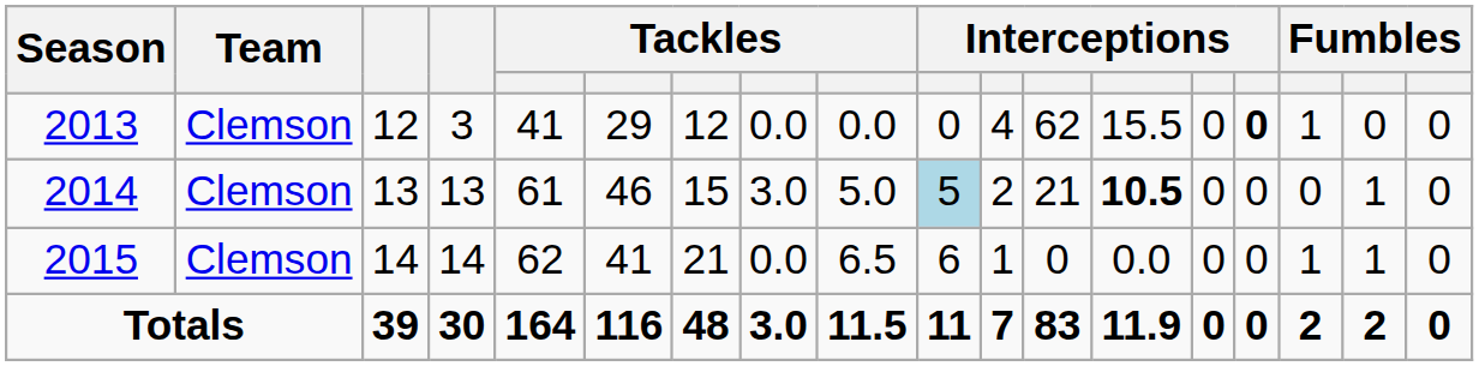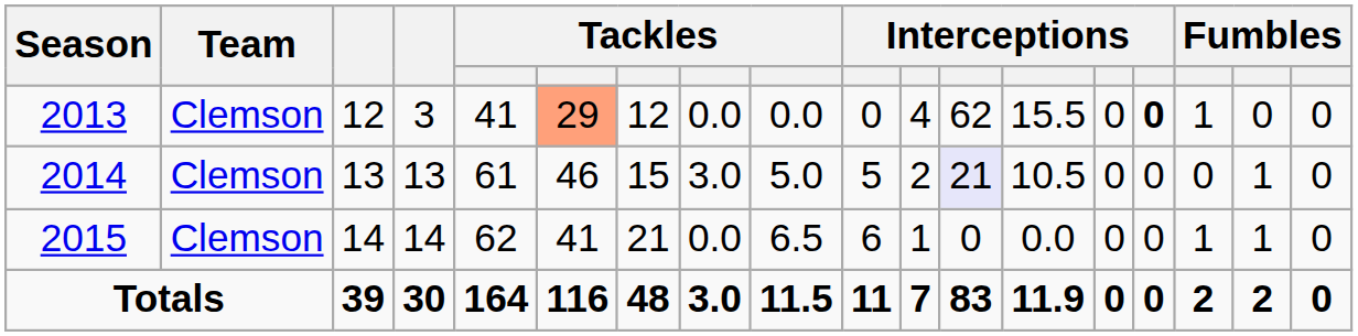 <table class="wikitable sortable" style="text-align:center;">
 <tr>
 <th rowspan="2">Season</th>
 <th rowspan="2">Team</th>
 <th rowspan="2"></th>
 <th rowspan="2"></th>
 <th colspan="5">Tackles</th>
 <th colspan="6">Interceptions</th>
 <th colspan="3">Fumbles</th>
 </tr>
 <tr>
 <th></th>
 <th></th>
 <th></th>
 <th></th>
 <th></th>
 <th></th>
 <th></th>
 <th></th>
 <th></th>
 <th></th>
 <th></th>
 <th></th>
 <th></th>
 <th></th>
 </tr>
 <tr>
 <td><a href='#'>2013</a></td>
 <td><a href='#'>Clemson</a></td>
 <td>12</td>
 <td>3</td>
 <td>41</td>
-<td>29</td>
+<td style="background: lightsalmon;">29</td>
 <td>12</td>
 <td>0.0</td>
 <td>0.0</td>
 <td>0</td>
 <td>4</td>
 <td>62</td>
 <td>15.5</td>
 <td>0</td>
 <td><strong>0</strong></td>
 <td>1</td>
 <td>0</td>
 <td>0</td>
 </tr>
 <tr>
 <td><a href='#'>2014</a></td>
 <td><a href='#'>Clemson</a></td>
 <td>13</td>
 <td>13</td>
 <td>61</td>
 <td>46</td>
 <td>15</td>
 <td>3.0</td>
 <td>5.0</td>
-<td style="background: lightblue;">5</td>
+<td>5</td>
 <td>2</td>
-<td>21</td>
-<td><strong>10.5</strong></td>
+<td style="background: lavender;">21</td>
+<td>10.5</td>
 <td>0</td>
 <td>0</td>
 <td>0</td>
 <td>1</td>
 <td>0</td>
 </tr>
 <tr>
 <td><a href='#'>2015</a></td>
 <td><a href='#'>Clemson</a></td>
 <td>14</td>
 <td>14</td>
 <td>62</td>
 <td>41</td>
 <td>21</td>
 <td>0.0</td>
 <td>6.5</td>
 <td>6</td>
 <td>1</td>
 <td>0</td>
 <td>0.0</td>
 <td>0</td>
 <td>0</td>
 <td>1</td>
 <td>1</td>
 <td>0</td>
 </tr>
 <tr class="sortbottom">
 <td colspan="2"><strong>Totals</strong></td>
 <td><strong>39</strong></td>
 <td><strong>30</strong></td>
 <td><strong>164</strong></td>
 <td><strong>116</strong></td>
 <td><strong>48</strong></td>
 <td><strong>3.0</strong></td>
 <td><strong>11.5</strong></td>
 <td><strong>11</strong></td>
 <td><strong>7</strong></td>
 <td><strong>83</strong></td>
 <td><strong>11.9</strong></td>
 <td><strong>0</strong></td>
 <td><strong>0</strong></td>
 <td><strong>2</strong></td>
 <td><strong>2</strong></td>
 <td><strong>0</strong></td>
 </tr>
 </table>
